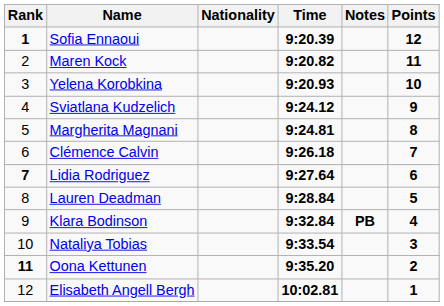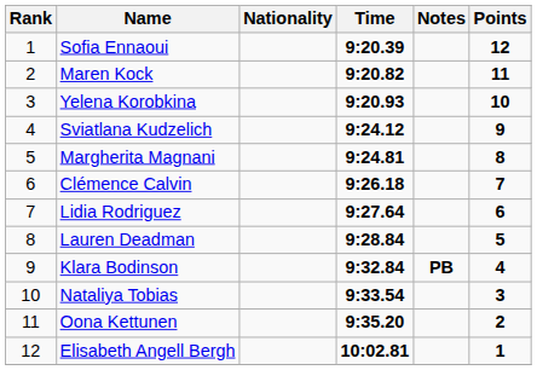 <table class="wikitable sortable" style="text-align:center">
 <tr>
 <th>Rank</th>
 <th>Name</th>
 <th>Nationality</th>
 <th>Time</th>
 <th>Notes</th>
 <th>Points</th>
 </tr>
 <tr>
-<td><strong>1</strong></td>
+<td>1</td>
 <td align=left><a href='#'>Sofia Ennaoui</a></td>
 <td align=left></td>
 <td><strong>9:20.39</strong></td>
 <td></td>
 <td><strong>12</strong></td>
 </tr>
 <tr>
 <td>2</td>
 <td align=left><a href='#'>Maren Kock</a></td>
 <td align=left></td>
 <td><strong>9:20.82</strong></td>
 <td></td>
 <td><strong>11</strong></td>
 </tr>
 <tr>
 <td>3</td>
 <td align=left><a href='#'>Yelena Korobkina</a></td>
 <td align=left></td>
 <td><strong>9:20.93</strong></td>
 <td></td>
 <td><strong>10</strong></td>
 </tr>
 <tr>
 <td>4</td>
 <td align=left><a href='#'>Sviatlana Kudzelich</a></td>
 <td align=left></td>
 <td><strong>9:24.12</strong></td>
 <td></td>
 <td><strong>9</strong></td>
 </tr>
 <tr>
 <td>5</td>
 <td align=left><a href='#'>Margherita Magnani</a></td>
 <td align=left></td>
 <td><strong>9:24.81</strong></td>
 <td></td>
 <td><strong>8</strong></td>
 </tr>
 <tr>
 <td>6</td>
 <td align=left><a href='#'>Clémence Calvin</a></td>
 <td align=left></td>
 <td><strong>9:26.18</strong></td>
 <td></td>
 <td><strong>7</strong></td>
 </tr>
 <tr>
-<td><strong>7</strong></td>
+<td>7</td>
 <td align=left><a href='#'>Lidia Rodriguez</a></td>
 <td align=left></td>
 <td><strong>9:27.64</strong></td>
 <td></td>
 <td><strong>6</strong></td>
 </tr>
 <tr>
 <td>8</td>
 <td align=left><a href='#'>Lauren Deadman</a></td>
 <td align=left></td>
 <td><strong>9:28.84</strong></td>
 <td></td>
 <td><strong>5</strong></td>
 </tr>
 <tr>
 <td>9</td>
 <td align=left><a href='#'>Klara Bodinson</a></td>
 <td align=left></td>
 <td><strong>9:32.84</strong></td>
 <td><strong>PB </strong></td>
 <td><strong>4</strong></td>
 </tr>
 <tr>
 <td>10</td>
 <td align=left><a href='#'>Nataliya Tobias</a></td>
 <td align=left></td>
 <td><strong>9:33.54</strong></td>
 <td></td>
 <td><strong>3</strong></td>
 </tr>
 <tr>
-<td><strong>11</strong></td>
+<td>11</td>
 <td align=left><a href='#'>Oona Kettunen</a></td>
 <td align=left></td>
 <td><strong>9:35.20</strong></td>
 <td></td>
 <td><strong>2</strong></td>
 </tr>
 <tr>
 <td>12</td>
 <td align=left><a href='#'>Elisabeth Angell Bergh</a></td>
 <td align=left></td>
 <td><strong>10:02.81</strong></td>
 <td></td>
 <td><strong>1</strong></td>
 </tr>
 <tr>
 </tr>
 </table>
